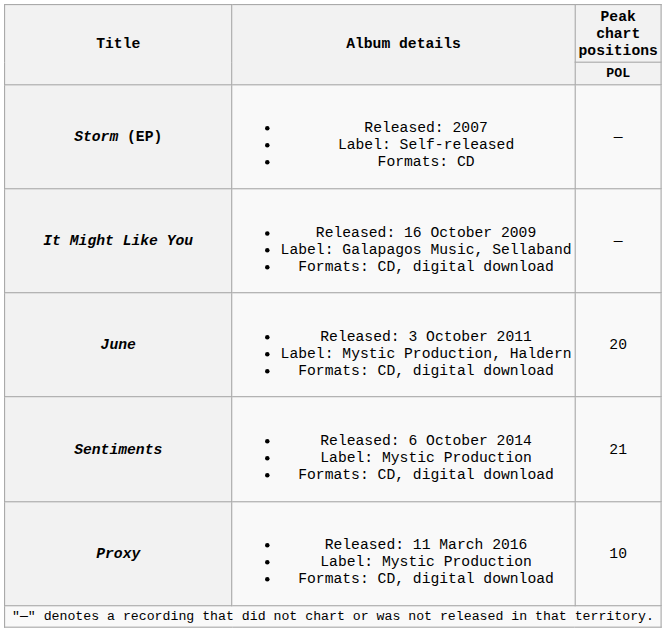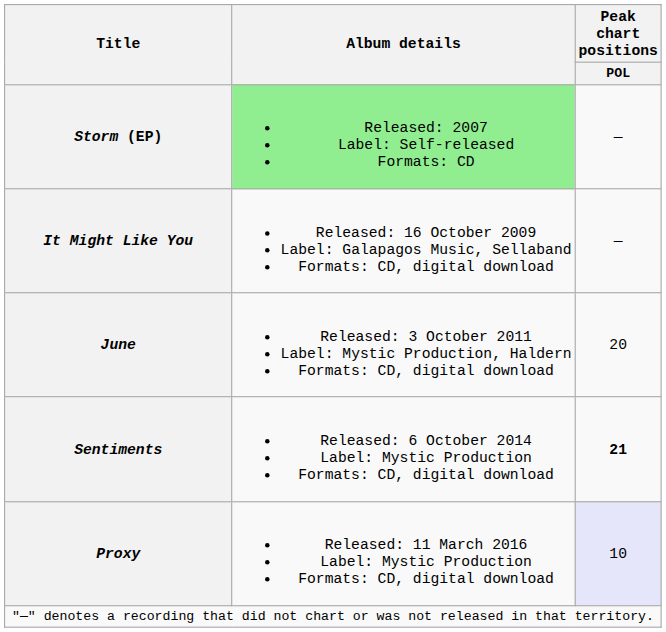 <table class="wikitable plainrowheaders" style="text-align:center;">
 <tr>
 <th scope="col" rowspan="2" style="width:15em;">Title</th>
 <th scope="col" rowspan="2">Album details</th>
 <th scope="col" colspan="1">Peak chart positions</th>
 </tr>
 <tr>
 <th scope="col" style="width:3em;font-size:90%;">POL<br></th>
 </tr>
 <tr>
 <th scope="row"><em>Storm</em> (EP)</th>
-<td><br><ul><li>Released: 2007</li><li>Label: Self-released</li><li>Formats: CD</li></ul></td>
+<td style="background: lightgreen;"><br><ul><li>Released: 2007</li><li>Label: Self-released</li><li>Formats: CD</li></ul></td>
 <td>—</td>
 </tr>
 <tr>
 <th scope="row"><em>It Might Like You</em></th>
 <td><br><ul><li>Released: 16 October 2009</li><li>Label: Galapagos Music, Sellaband</li><li>Formats: CD, digital download</li></ul></td>
 <td>—</td>
 </tr>
 <tr>
 <th scope="row"><em>June</em></th>
 <td><br><ul><li>Released: 3 October 2011</li><li>Label: Mystic Production, Haldern</li><li>Formats: CD, digital download</li></ul></td>
 <td>20</td>
 </tr>
 <tr>
 <th scope="row"><em>Sentiments</em></th>
 <td><br><ul><li>Released: 6 October 2014</li><li>Label: Mystic Production</li><li>Formats: CD, digital download</li></ul></td>
-<td>21</td>
+<td><strong>21</strong></td>
 </tr>
 <tr>
 <th scope="row"><em>Proxy</em></th>
 <td><br><ul><li>Released: 11 March 2016</li><li>Label: Mystic Production</li><li>Formats: CD, digital download</li></ul></td>
-<td>10</td>
+<td style="background: lavender;">10</td>
 </tr>
 <tr>
 <td colspan="20" style="font-size:90%">"—" denotes a recording that did not chart or was not released in that territory.</td>
 </tr>
 </table>
